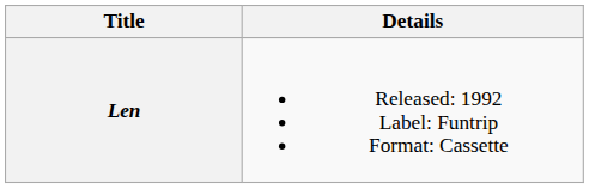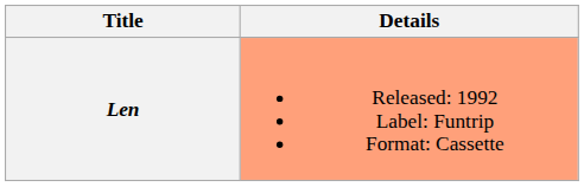 <table class="wikitable plainrowheaders" style="text-align:center;" border="1">
 <tr>
 <th scope="col" style="width:11em;">Title</th>
 <th scope="col" style="width:16em;">Details</th>
 </tr>
 <tr>
 <th scope="row"><em>Len</em></th>
-<td><br><ul><li>Released: 1992</li><li>Label: Funtrip</li><li>Format: Cassette</li></ul></td>
+<td style="background: lightsalmon;"><br><ul><li>Released: 1992</li><li>Label: Funtrip</li><li>Format: Cassette</li></ul></td>
 </tr>
 </table>
